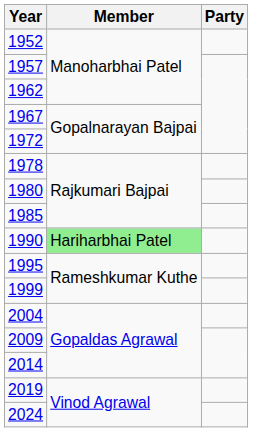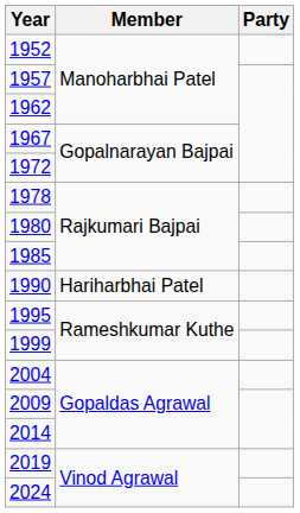 <table class="wikitable">
 <tr>
 <th>Year</th>
 <th>Member</th>
 <th colspan=2>Party</th>
 </tr>
 <tr>
 <td><a href='#'>1952</a></td>
 <td rowspan=3>Manoharbhai Patel</td>
 <td></td>
 </tr>
 <tr>
 <td><a href='#'>1957</a></td>
 </tr>
 <tr>
 <td><a href='#'>1962</a></td>
 </tr>
 <tr>
 <td><a href='#'>1967</a></td>
 <td rowspan=2>Gopalnarayan Bajpai</td>
 </tr>
 <tr>
 <td><a href='#'>1972</a></td>
 </tr>
 <tr>
 <td><a href='#'>1978</a></td>
 <td rowspan=3>Rajkumari Bajpai</td>
 <td></td>
 </tr>
 <tr>
 <td><a href='#'>1980</a></td>
 </tr>
 <tr>
 <td><a href='#'>1985</a></td>
 <td></td>
 </tr>
 <tr>
 <td><a href='#'>1990</a></td>
-<td style="background: lightgreen;">Hariharbhai Patel</td>
+<td>Hariharbhai Patel</td>
 </tr>
 <tr>
 <td><a href='#'>1995</a></td>
 <td rowspan=2>Rameshkumar Kuthe</td>
 <td></td>
 </tr>
 <tr>
 <td><a href='#'>1999</a></td>
 </tr>
 <tr>
 <td><a href='#'>2004</a></td>
 <td rowspan=3><a href='#'>Gopaldas Agrawal</a></td>
 <td></td>
 </tr>
 <tr>
 <td><a href='#'>2009</a></td>
 </tr>
 <tr>
 <td><a href='#'>2014</a></td>
 </tr>
 <tr>
 <td><a href='#'>2019</a></td>
 <td Rowspan=2><a href='#'>Vinod Agrawal</a></td>
 <td></td>
 </tr>
 <tr>
 <td><a href='#'>2024</a></td>
 <td></td>
 </tr>
 </table>
